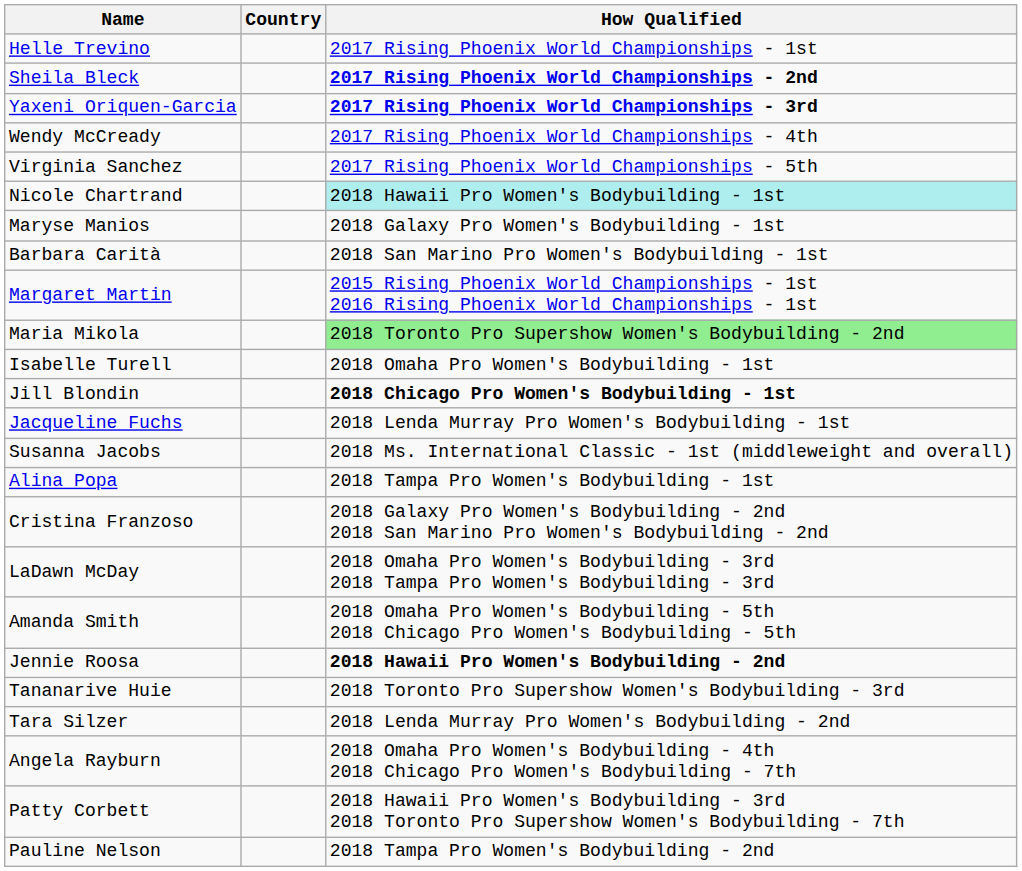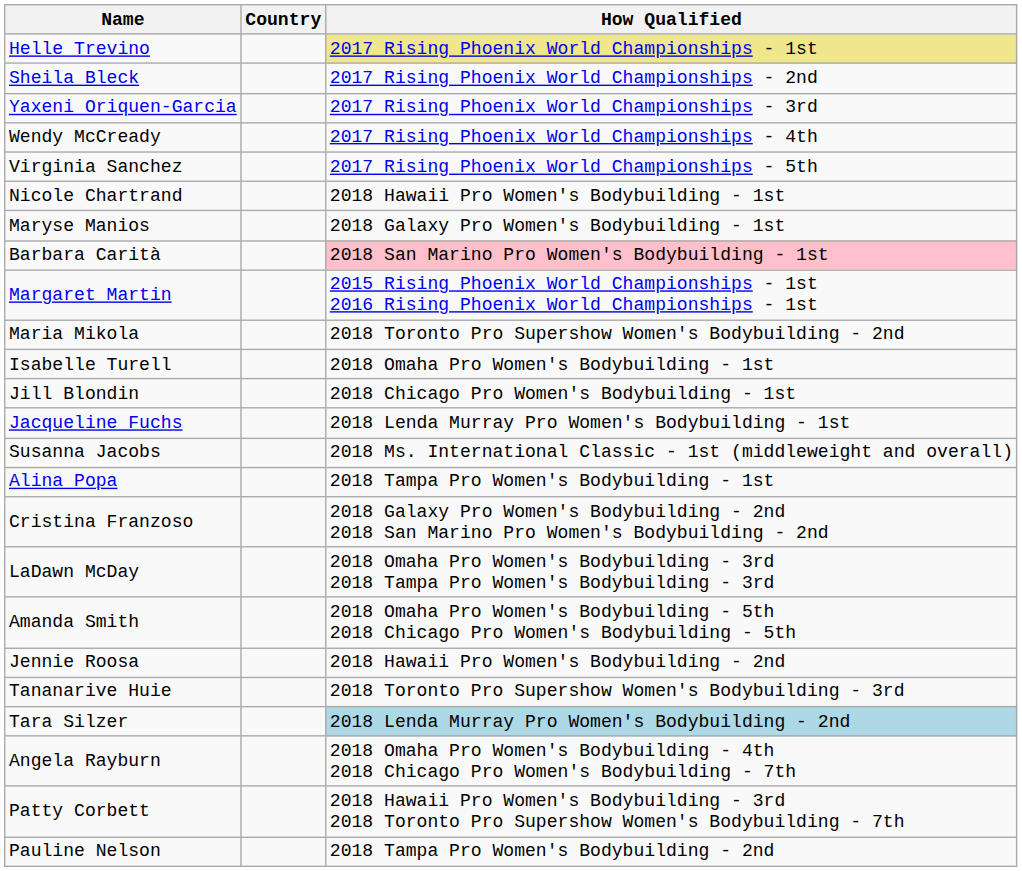 <table class="wikitable">
 <tr>
 <th>Name</th>
 <th>Country</th>
 <th>How Qualified</th>
 </tr>
 <tr>
 <td><a href='#'>Helle Trevino</a></td>
 <td></td>
-<td><a href='#'>2017  Rising Phoenix World Championships</a> - 1st</td>
+<td style="background: khaki;"><a href='#'>2017  Rising Phoenix World Championships</a> - 1st</td>
 </tr>
 <tr>
 <td><a href='#'>Sheila Bleck</a></td>
 <td></td>
-<td><strong><a href='#'>2017 Rising Phoenix World Championships</a> - 2nd</strong></td>
+<td><a href='#'>2017 Rising Phoenix World Championships</a> - 2nd</td>
 </tr>
 <tr>
 <td><a href='#'>Yaxeni Oriquen-Garcia</a></td>
 <td></td>
-<td><strong><a href='#'>2017 Rising Phoenix World Championships</a> - 3rd</strong></td>
+<td><a href='#'>2017 Rising Phoenix World Championships</a> - 3rd</td>
 </tr>
 <tr>
 <td>Wendy McCready</td>
 <td></td>
 <td><a href='#'>2017 Rising Phoenix World Championships</a> - 4th</td>
 </tr>
 <tr>
 <td>Virginia Sanchez</td>
 <td></td>
 <td><a href='#'>2017 Rising Phoenix World Championships</a> - 5th</td>
 </tr>
 <tr>
 <td>Nicole Chartrand</td>
 <td></td>
-<td style="background: paleturquoise;">2018 Hawaii Pro Women's Bodybuilding - 1st</td>
+<td>2018 Hawaii Pro Women's Bodybuilding - 1st</td>
 </tr>
 <tr>
 <td>Maryse Manios</td>
 <td></td>
 <td>2018 Galaxy Pro Women's Bodybuilding - 1st</td>
 </tr>
 <tr>
 <td>Barbara Carità</td>
 <td></td>
-<td>2018 San Marino Pro Women's Bodybuilding - 1st</td>
+<td style="background: pink;">2018 San Marino Pro Women's Bodybuilding - 1st</td>
 </tr>
 <tr>
 <td><a href='#'>Margaret Martin</a></td>
 <td></td>
 <td><a href='#'>2015 Rising Phoenix World Championships</a> - 1st<br><a href='#'>2016 Rising Phoenix World Championships</a> - 1st</td>
 </tr>
 <tr>
 <td>Maria Mikola</td>
 <td></td>
-<td style="background: lightgreen;">2018 Toronto Pro Supershow Women's Bodybuilding - 2nd</td>
+<td>2018 Toronto Pro Supershow Women's Bodybuilding - 2nd</td>
 </tr>
 <tr>
 <td>Isabelle Turell</td>
 <td></td>
 <td>2018 Omaha Pro Women's Bodybuilding - 1st</td>
 </tr>
 <tr>
 <td>Jill Blondin</td>
 <td></td>
-<td><strong>2018 Chicago Pro Women's Bodybuilding - 1st</strong></td>
+<td>2018 Chicago Pro Women's Bodybuilding - 1st</td>
 </tr>
 <tr>
 <td><a href='#'>Jacqueline Fuchs</a></td>
 <td></td>
 <td>2018 Lenda Murray Pro Women's Bodybuilding - 1st</td>
 </tr>
 <tr>
 <td>Susanna Jacobs</td>
 <td></td>
 <td>2018 Ms. International Classic - 1st (middleweight and overall)</td>
 </tr>
 <tr>
 <td><a href='#'>Alina Popa</a></td>
 <td></td>
 <td>2018 Tampa Pro Women's Bodybuilding - 1st</td>
 </tr>
 <tr>
 <td>Cristina Franzoso</td>
 <td></td>
 <td>2018 Galaxy Pro Women's Bodybuilding - 2nd<br>2018 San Marino Pro Women's Bodybuilding - 2nd</td>
 </tr>
 <tr>
 <td>LaDawn McDay</td>
 <td></td>
 <td>2018 Omaha Pro Women's Bodybuilding - 3rd<br>2018 Tampa Pro Women's Bodybuilding - 3rd</td>
 </tr>
 <tr>
 <td>Amanda Smith</td>
 <td></td>
 <td>2018 Omaha Pro Women's Bodybuilding - 5th<br>2018 Chicago Pro Women's Bodybuilding - 5th</td>
 </tr>
 <tr>
 <td>Jennie Roosa</td>
 <td></td>
-<td><strong>2018 Hawaii Pro Women's Bodybuilding - 2nd</strong></td>
+<td>2018 Hawaii Pro Women's Bodybuilding - 2nd</td>
 </tr>
 <tr>
 <td>Tananarive Huie</td>
 <td></td>
 <td>2018 Toronto Pro Supershow Women's Bodybuilding - 3rd</td>
 </tr>
 <tr>
 <td>Tara Silzer</td>
 <td></td>
-<td>2018 Lenda Murray Pro Women's Bodybuilding - 2nd</td>
+<td style="background: lightblue;">2018 Lenda Murray Pro Women's Bodybuilding - 2nd</td>
 </tr>
 <tr>
 <td>Angela Rayburn</td>
 <td></td>
 <td>2018 Omaha Pro Women's Bodybuilding - 4th<br>2018 Chicago Pro Women's Bodybuilding - 7th</td>
 </tr>
 <tr>
 <td>Patty Corbett</td>
 <td></td>
 <td>2018 Hawaii Pro Women's Bodybuilding - 3rd<br>2018 Toronto Pro Supershow Women's Bodybuilding - 7th</td>
 </tr>
 <tr>
 <td>Pauline Nelson</td>
 <td></td>
 <td>2018 Tampa Pro Women's Bodybuilding - 2nd</td>
 </tr>
 <tr>
 </tr>
 </table>
